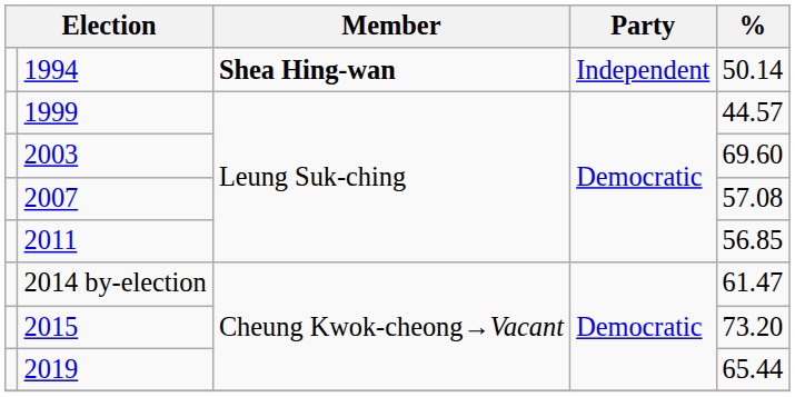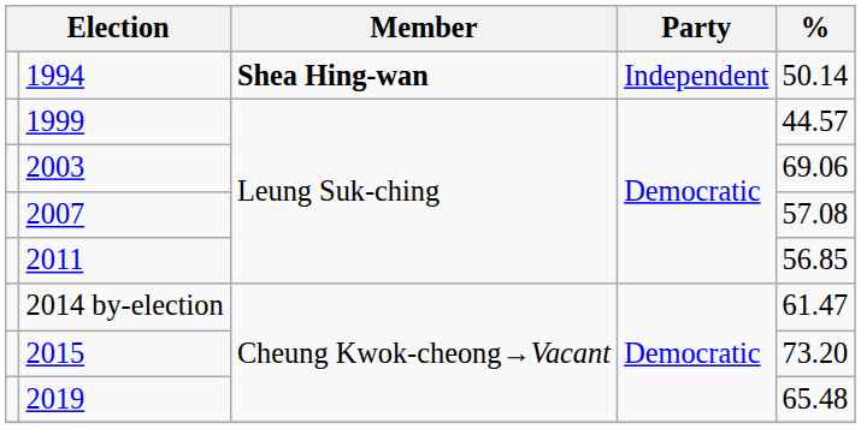 <table class="wikitable">
 <tr>
 <th colspan="2">Election</th>
 <th>Member</th>
 <th>Party</th>
 <th>%</th>
 </tr>
 <tr>
 <td style="background-color: "></td>
 <td><a href='#'>1994</a></td>
 <td><strong>Shea Hing-wan</strong></td>
 <td><a href='#'>Independent</a></td>
 <td>50.14</td>
 </tr>
 <tr>
 <td style="background-color: "></td>
 <td><a href='#'>1999</a></td>
 <td rowspan=4>Leung Suk-ching</td>
 <td rowspan=4><a href='#'>Democratic</a></td>
 <td>44.57</td>
 </tr>
 <tr>
 <td style="background-color: "></td>
 <td><a href='#'>2003</a></td>
-<td>69.60</td>
+<td>69.06</td>
 </tr>
 <tr>
 <td style="background-color: "></td>
 <td><a href='#'>2007</a></td>
 <td>57.08</td>
 </tr>
 <tr>
 <td style="background-color: "></td>
 <td><a href='#'>2011</a></td>
 <td>56.85</td>
 </tr>
 <tr>
 <td style="background-color:"></td>
 <td>2014 by-election</td>
 <td rowspan=3>Cheung Kwok-cheong→<em>Vacant</em></td>
 <td rowspan=3><a href='#'>Democratic</a></td>
 <td>61.47</td>
 </tr>
 <tr>
 <td style="background-color: "></td>
 <td><a href='#'>2015</a></td>
 <td>73.20</td>
 </tr>
 <tr>
 <td style="background-color: "></td>
 <td><a href='#'>2019</a></td>
-<td>65.44</td>
+<td>65.48</td>
 </tr>
 <tr>
 </tr>
 </table>
